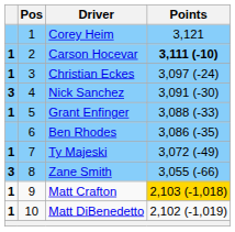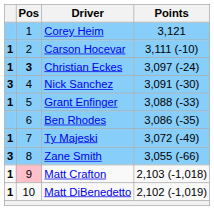 <table class="wikitable" style="font-size: 95%;">
 <tr>
 <th></th>
 <th>Pos</th>
 <th>Driver</th>
 <th>Points</th>
 </tr>
 <tr style="background:#87CEFA;">
 <td align="left"></td>
 <td style="text-align:center;">1</td>
 <td><a href='#'>Corey Heim</a></td>
 <td style="text-align:center;">3,121</td>
 </tr>
 <tr style="background:#87CEFA;">
 <td align="left"> <strong>1</strong></td>
 <td style="text-align:center;">2</td>
 <td><a href='#'>Carson Hocevar</a></td>
-<td style="text-align:center;"><strong>3,111 (-10)</strong></td>
+<td style="text-align:center;">3,111 (-10)</td>
 </tr>
 <tr style="background:#87CEFA;">
 <td align="left"> <strong>1</strong></td>
-<td style="text-align:center;">3</td>
+<td style="text-align:center;"><strong>3</strong></td>
 <td><a href='#'>Christian Eckes</a></td>
 <td style="text-align:center;">3,097 (-24)</td>
 </tr>
 <tr style="background:#87CEFA;">
 <td align="left"> <strong>3</strong></td>
 <td style="text-align:center;">4</td>
 <td><a href='#'>Nick Sanchez</a></td>
 <td style="text-align:center;">3,091 (-30)</td>
 </tr>
 <tr style="background:#87CEFA;">
 <td align="left"> <strong>1</strong></td>
 <td style="text-align:center;">5</td>
 <td><a href='#'>Grant Enfinger</a></td>
 <td style="text-align:center;">3,088 (-33)</td>
 </tr>
 <tr style="background:#87CEFA;">
 <td align="left"></td>
 <td style="text-align:center;">6</td>
 <td><a href='#'>Ben Rhodes</a></td>
 <td style="text-align:center;">3,086 (-35)</td>
 </tr>
 <tr style="background:#87CEFA;">
 <td align="left"> <strong>1</strong></td>
 <td style="text-align:center;">7</td>
 <td><a href='#'>Ty Majeski</a></td>
 <td style="text-align:center;">3,072 (-49)</td>
 </tr>
 <tr style="background:#87CEFA;">
 <td align="left"> <strong>3</strong></td>
 <td style="text-align:center;">8</td>
 <td><a href='#'>Zane Smith</a></td>
 <td style="text-align:center;">3,055 (-66)</td>
 </tr>
 <tr>
 <td align="left"> <strong>1</strong></td>
-<td style="text-align:center;">9</td>
+<td style="background: pink; text-align:center;">9</td>
 <td><a href='#'>Matt Crafton</a></td>
-<td style="background: gold; text-align:center;">2,103 (-1,018)</td>
+<td style="text-align:center;">2,103 (-1,018)</td>
 </tr>
 <tr>
 <td align="left"> <strong>1</strong></td>
 <td style="text-align:center;">10</td>
 <td><a href='#'>Matt DiBenedetto</a></td>
 <td style="text-align:center;">2,102 (-1,019)</td>
 </tr>
 <tr class="sortbottom">
 <th colspan="9"></th>
 </tr>
 </table>
